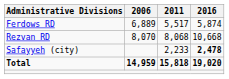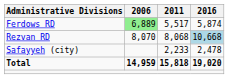 <table class="wikitable">
 <tr>
 <th>Administrative Divisions</th>
 <th>2006</th>
 <th>2011</th>
 <th>2016</th>
 </tr>
 <tr>
 <td><a href='#'>Ferdows RD</a></td>
-<td style="text-align: right;">6,889</td>
+<td style="background: lightgreen; text-align: right;">6,889</td>
 <td style="text-align: right;">5,517</td>
 <td style="text-align: right;">5,874</td>
 </tr>
 <tr>
 <td><a href='#'>Rezvan RD</a></td>
 <td style="text-align: right;">8,070</td>
 <td style="text-align: right;">8,068</td>
-<td style="text-align: right;">10,668</td>
+<td style="background: lightblue; text-align: right;">10,668</td>
 </tr>
 <tr>
 <td><a href='#'>Safayyeh</a> (city)</td>
 <td style="text-align: right;"></td>
 <td style="text-align: right;">2,233</td>
-<td style="text-align: right;"><strong>2,478</strong></td>
+<td style="text-align: right;">2,478</td>
 </tr>
 <tr>
 <td><strong>Total</strong></td>
 <td style="text-align: right;"><strong>14,959</strong></td>
 <td style="text-align: right;"><strong>15,818</strong></td>
 <td style="text-align: right;"><strong>19,020</strong></td>
 </tr>
 <tr>
 <td colspan=4></td>
 </tr>
 </table>
